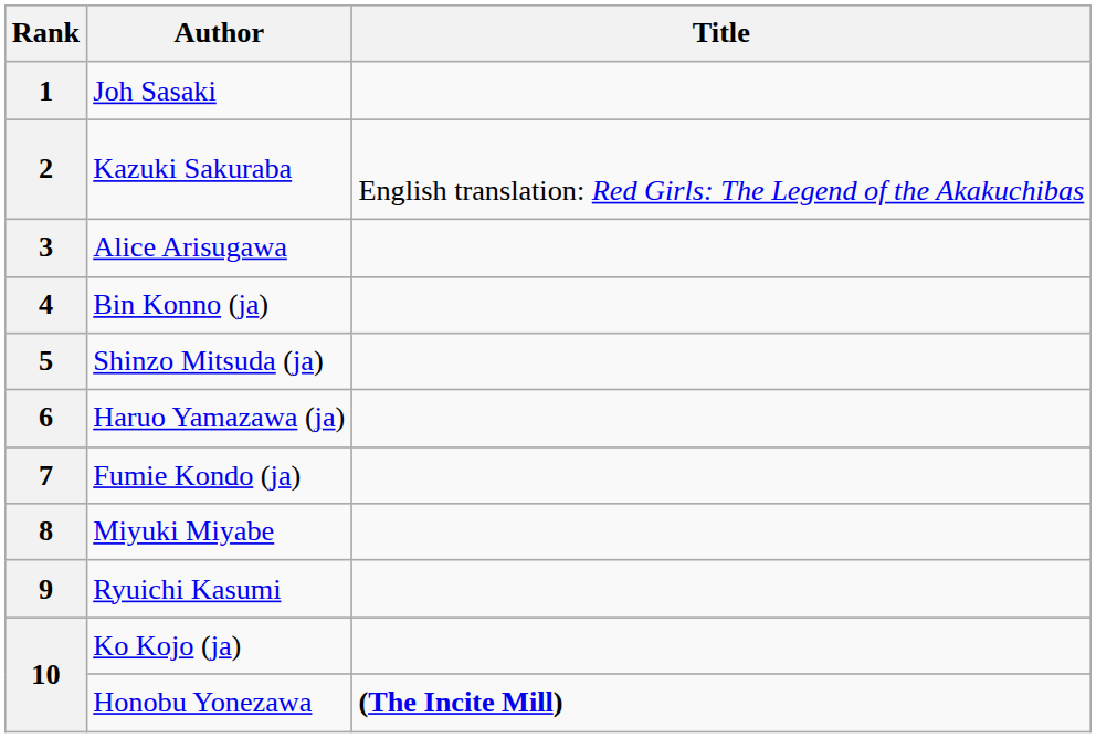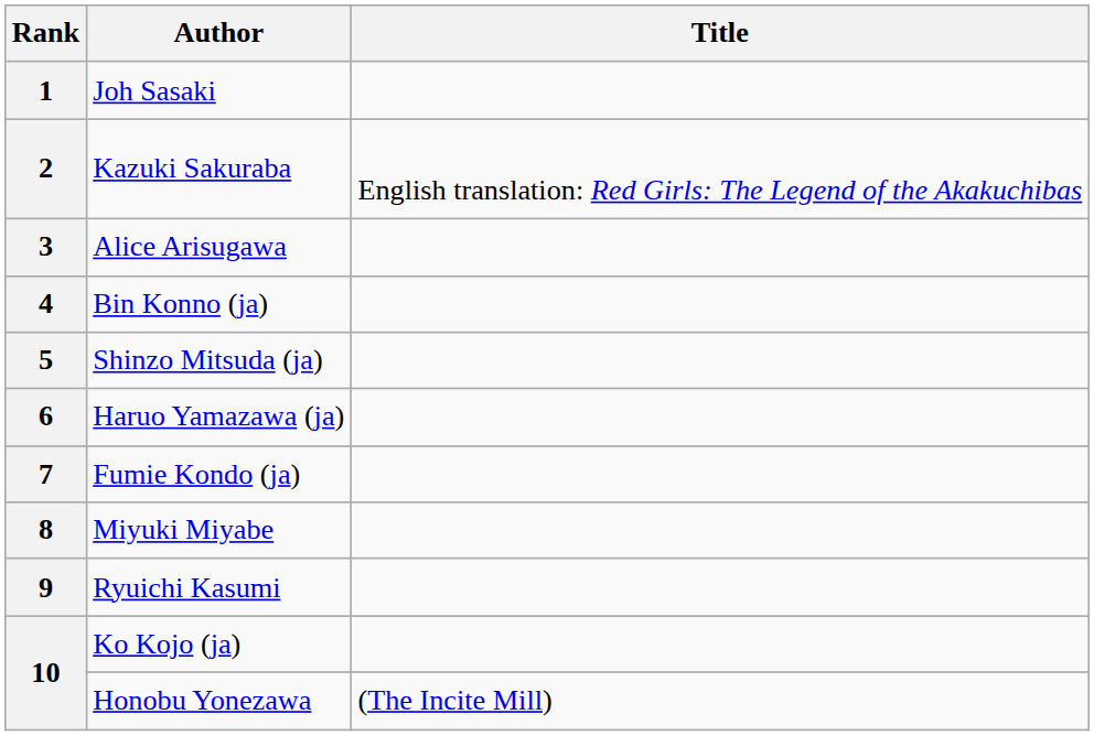 <table class="wikitable sortable" style="font-size:1.00em; line-height:1.5em;">
 <tr>
 <th>Rank</th>
 <th>Author</th>
 <th>Title</th>
 </tr>
 <tr>
 <th>1</th>
 <td><a href='#'>Joh Sasaki</a></td>
 <td></td>
 </tr>
 <tr>
 <th>2</th>
 <td><a href='#'>Kazuki Sakuraba</a></td>
 <td><br>English translation: <em><a href='#'>Red Girls: The Legend of the Akakuchibas</a></em></td>
 </tr>
 <tr>
 <th>3</th>
 <td><a href='#'>Alice Arisugawa</a></td>
 <td></td>
 </tr>
 <tr>
 <th>4</th>
 <td><a href='#'>Bin Konno</a> (<a href='#'>ja</a>)</td>
 <td></td>
 </tr>
 <tr>
 <th>5</th>
 <td><a href='#'>Shinzo Mitsuda</a> (<a href='#'>ja</a>)</td>
 <td></td>
 </tr>
 <tr>
 <th>6</th>
 <td><a href='#'>Haruo Yamazawa</a> (<a href='#'>ja</a>)</td>
 <td></td>
 </tr>
 <tr>
 <th>7</th>
 <td><a href='#'>Fumie Kondo</a> (<a href='#'>ja</a>)</td>
 <td></td>
 </tr>
 <tr>
 <th>8</th>
 <td><a href='#'>Miyuki Miyabe</a></td>
 <td></td>
 </tr>
 <tr>
 <th>9</th>
 <td><a href='#'>Ryuichi Kasumi</a></td>
 <td></td>
 </tr>
 <tr>
 <th rowspan="2">10</th>
 <td><a href='#'>Ko Kojo</a> (<a href='#'>ja</a>)</td>
 <td></td>
 </tr>
 <tr>
 <td><a href='#'>Honobu Yonezawa</a></td>
-<td><strong> (<a href='#'>The Incite Mill</a>)</strong></td>
+<td> (<a href='#'>The Incite Mill</a>)</td>
 </tr>
 </table>
